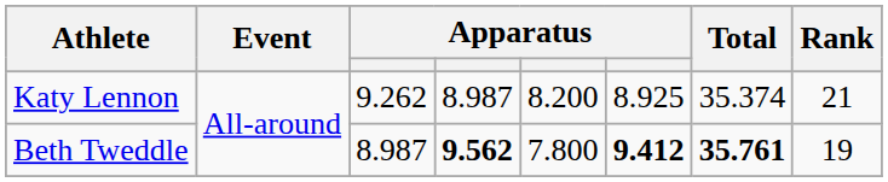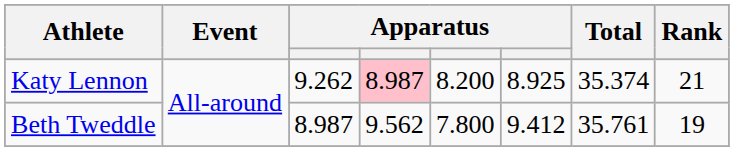 <table class="wikitable" style="font-size:90%">
 <tr>
 <th rowspan=2>Athlete</th>
 <th rowspan=2>Event</th>
 <th colspan =4>Apparatus</th>
 <th rowspan=2>Total</th>
 <th rowspan=2>Rank</th>
 </tr>
 <tr style="font-size:95%">
 <th></th>
 <th></th>
 <th></th>
 <th></th>
 </tr>
 <tr align=center>
 <td align=left><a href='#'>Katy Lennon</a></td>
 <td align=left rowspan=2><a href='#'>All-around</a></td>
 <td>9.262</td>
-<td>8.987</td>
+<td style="background: pink;">8.987</td>
 <td>8.200</td>
 <td>8.925</td>
 <td>35.374</td>
 <td>21</td>
 </tr>
 <tr align=center>
 <td align=left><a href='#'>Beth Tweddle</a></td>
 <td>8.987</td>
-<td><strong>9.562</strong></td>
+<td>9.562</td>
 <td>7.800</td>
-<td><strong>9.412</strong></td>
-<td><strong>35.761</strong></td>
+<td>9.412</td>
+<td>35.761</td>
 <td>19</td>
 </tr>
 </table>
